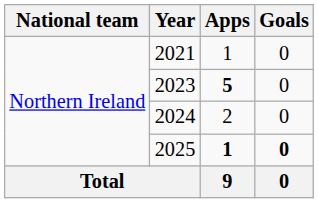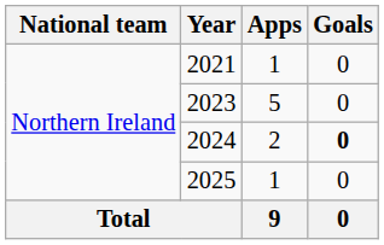 <table class="wikitable" style="text-align:center">
 <tr>
 <th>National team</th>
 <th>Year</th>
 <th>Apps</th>
 <th>Goals</th>
 </tr>
 <tr>
 <td rowspan="4"><a href='#'>Northern Ireland</a></td>
 <td>2021</td>
 <td>1</td>
 <td>0</td>
 </tr>
 <tr>
 <td>2023</td>
-<td><strong>5</strong></td>
+<td>5</td>
 <td>0</td>
 </tr>
 <tr>
 <td>2024</td>
 <td>2</td>
-<td>0</td>
+<td><strong>0</strong></td>
 </tr>
 <tr>
 <td>2025</td>
-<td><strong>1</strong></td>
-<td><strong>0</strong></td>
+<td>1</td>
+<td>0</td>
 </tr>
 <tr>
 <th colspan="2">Total</th>
 <th>9</th>
 <th>0</th>
 </tr>
 </table>
